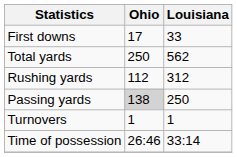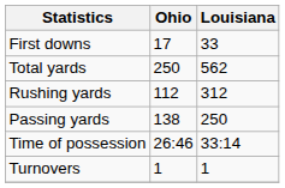 <table class="wikitable">
 <tr>
 <th>Statistics</th>
 <th>Ohio</th>
 <th>Louisiana</th>
 </tr>
 <tr>
 <td>First downs</td>
 <td>17</td>
 <td>33</td>
 </tr>
 <tr>
 <td>Total yards</td>
 <td>250</td>
 <td>562</td>
 </tr>
 <tr>
 <td>Rushing yards</td>
 <td>112</td>
 <td>312</td>
 </tr>
 <tr>
 <td>Passing yards</td>
-<td style="background: lightgrey;">138</td>
+<td>138</td>
 <td>250</td>
+</tr>
+<tr>
+<td>Time of possession</td>
+<td>26:46</td>
+<td>33:14</td>
 </tr>
 <tr>
 <td>Turnovers</td>
 <td>1</td>
 <td>1</td>
 </tr>
 <tr>
-<td>Time of possession</td>
-<td>26:46</td>
-<td>33:14</td>
-</tr>
-<tr>
 </tr>
 </table>
